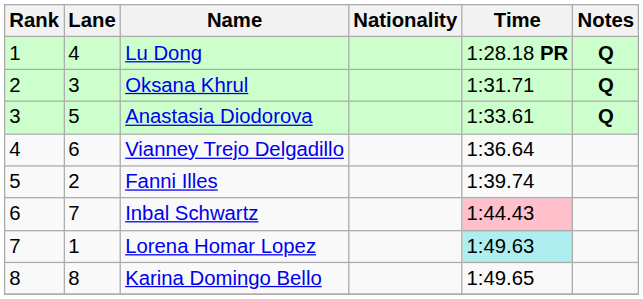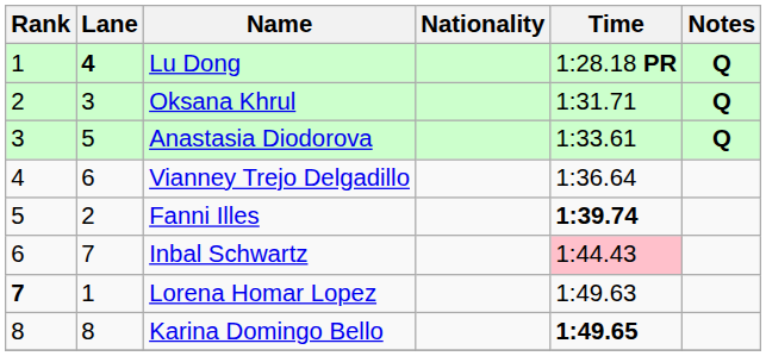 <table class="wikitable">
 <tr>
 <th>Rank</th>
 <th>Lane</th>
 <th>Name</th>
 <th>Nationality</th>
 <th>Time</th>
 <th>Notes</th>
 </tr>
 <tr style="background:#CCFFCC;">
 <td>1</td>
-<td>4</td>
+<td><strong>4</strong></td>
 <td><a href='#'>Lu Dong</a></td>
 <td></td>
 <td>1:28.18 <strong>PR</strong></td>
 <td style="text-align:center;"><strong>Q</strong></td>
 </tr>
 <tr style="background:#CCFFCC;">
 <td>2</td>
 <td>3</td>
 <td><a href='#'>Oksana Khrul</a></td>
 <td></td>
 <td>1:31.71</td>
 <td style="text-align:center;"><strong>Q</strong></td>
 </tr>
 <tr style="background:#CCFFCC;">
 <td>3</td>
 <td>5</td>
 <td><a href='#'>Anastasia Diodorova</a></td>
 <td></td>
 <td>1:33.61</td>
 <td style="text-align:center;"><strong>Q</strong></td>
 </tr>
 <tr>
 <td>4</td>
 <td>6</td>
 <td><a href='#'>Vianney Trejo Delgadillo</a></td>
 <td></td>
 <td>1:36.64</td>
 <td></td>
 </tr>
 <tr>
 <td>5</td>
 <td>2</td>
 <td><a href='#'>Fanni Illes</a></td>
 <td></td>
-<td>1:39.74</td>
+<td><strong>1:39.74</strong></td>
 <td></td>
 </tr>
 <tr>
 <td>6</td>
 <td>7</td>
 <td><a href='#'>Inbal Schwartz</a></td>
 <td></td>
 <td style="background: pink;">1:44.43</td>
 <td></td>
 </tr>
 <tr>
-<td>7</td>
+<td><strong>7</strong></td>
 <td>1</td>
 <td><a href='#'>Lorena Homar Lopez</a></td>
 <td></td>
-<td style="background: paleturquoise;">1:49.63</td>
+<td>1:49.63</td>
 <td></td>
 </tr>
 <tr>
 <td>8</td>
 <td>8</td>
 <td><a href='#'>Karina Domingo Bello</a></td>
 <td></td>
-<td>1:49.65</td>
+<td><strong>1:49.65</strong></td>
 <td></td>
 </tr>
 <tr>
 </tr>
 </table>
